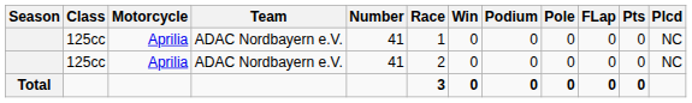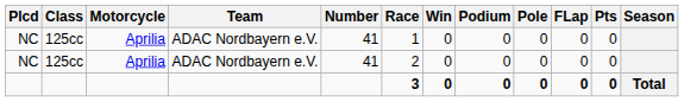 <table class="wikitable">
 <tr>
-<th>Season</th>
+<th>Plcd</th>
 <th>Class</th>
 <th>Motorcycle</th>
 <th>Team</th>
 <th>Number</th>
 <th>Race</th>
 <th>Win</th>
 <th>Podium</th>
 <th>Pole</th>
 <th>FLap</th>
 <th>Pts</th>
-<th>Plcd</th>
+<th>Season</th>
 </tr>
 <tr align="right">
-<th></th>
+<td>NC</td>
 <td>125cc</td>
 <td><a href='#'>Aprilia</a></td>
 <td>ADAC Nordbayern e.V.</td>
 <td>41</td>
 <td>1</td>
 <td>0</td>
 <td>0</td>
 <td>0</td>
 <td>0</td>
 <td>0</td>
-<td>NC</td>
+<th></th>
 </tr>
 <tr align="right">
-<th></th>
+<td>NC</td>
 <td>125cc</td>
 <td><a href='#'>Aprilia</a></td>
 <td>ADAC Nordbayern e.V.</td>
 <td>41</td>
 <td>2</td>
 <td>0</td>
 <td>0</td>
 <td>0</td>
 <td>0</td>
 <td>0</td>
-<td>NC</td>
+<th></th>
 </tr>
 <tr align="right">
-<th>Total</th>
+<td></td>
 <td></td>
 <td></td>
 <td></td>
 <td></td>
 <td><strong>3</strong></td>
 <td><strong>0</strong></td>
 <td><strong>0</strong></td>
 <td><strong>0</strong></td>
 <td><strong>0</strong></td>
 <td><strong>0</strong></td>
-<td></td>
+<th>Total</th>
 </tr>
 </table>
